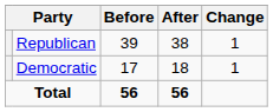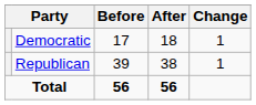 <table class="wikitable" style="text-align:center;">
 <tr>
 </tr>
 <tr>
 <th colspan=2>Party</th>
 <th>Before</th>
 <th>After</th>
 <th>Change</th>
 </tr>
 <tr>
 <th style="background-color:"></th>
-<td style="text-align:left;"><a href='#'>Republican</a></td>
-<td>39</td>
-<td>38</td>
+<td style="text-align:left;"><a href='#'>Democratic</a></td>
+<td>17</td>
+<td>18</td>
 <td> 1</td>
 </tr>
 <tr>
 <th style="background-color:"></th>
-<td style="text-align:left;"><a href='#'>Democratic</a></td>
-<td>17</td>
-<td>18</td>
+<td style="text-align:left;"><a href='#'>Republican</a></td>
+<td>39</td>
+<td>38</td>
 <td> 1</td>
 </tr>
 <tr>
 <td colspan=2><strong>Total</strong></td>
 <td><strong>56</strong></td>
 <td><strong>56</strong></td>
 <td></td>
 </tr>
 </table>
